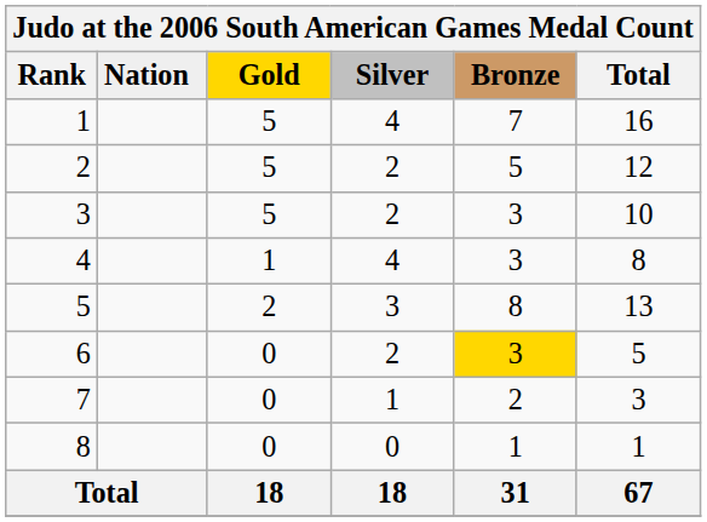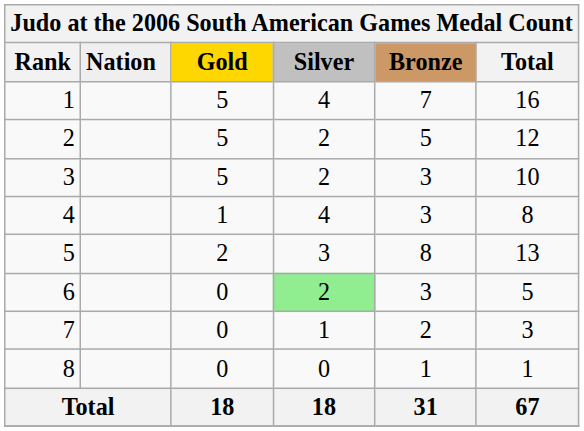 <table class="wikitable" border="2" style="text-align:center">
 <tr>
 <th colspan=6>Judo at the 2006 South American Games Medal Count</th>
 </tr>
 <tr bgcolor="#efefef">
 <th>Rank</th>
 <td align=left><strong>Nation</strong></td>
 <td bgcolor="gold" align=center width=60><strong>Gold</strong></td>
 <td bgcolor="silver" align=center width=60><strong>Silver</strong></td>
 <td bgcolor="CC9966" align=center width=60><strong>Bronze</strong></td>
 <th width=60>Total</th>
 </tr>
 <tr>
 <td align=right>1</td>
 <td align=left></td>
 <td>5</td>
 <td>4</td>
 <td>7</td>
 <td>16</td>
 </tr>
 <tr>
 <td align=right>2</td>
 <td align=left></td>
 <td>5</td>
 <td>2</td>
 <td>5</td>
 <td>12</td>
 </tr>
 <tr>
 <td align=right>3</td>
 <td align=left></td>
 <td>5</td>
 <td>2</td>
 <td>3</td>
 <td>10</td>
 </tr>
 <tr>
 <td align=right>4</td>
 <td align=left></td>
 <td>1</td>
 <td>4</td>
 <td>3</td>
 <td>8</td>
 </tr>
 <tr>
 <td align=right>5</td>
 <td align=left></td>
 <td>2</td>
 <td>3</td>
 <td>8</td>
 <td>13</td>
 </tr>
 <tr>
 <td align=right>6</td>
 <td align=left></td>
 <td>0</td>
-<td>2</td>
-<td style="background: gold;">3</td>
+<td style="background: lightgreen;">2</td>
+<td>3</td>
 <td>5</td>
 </tr>
 <tr>
 <td align=right>7</td>
 <td align=left></td>
 <td>0</td>
 <td>1</td>
 <td>2</td>
 <td>3</td>
 </tr>
 <tr>
 <td align=right>8</td>
 <td align=left></td>
 <td>0</td>
 <td>0</td>
 <td>1</td>
 <td>1</td>
 </tr>
 <tr>
 <th colspan="2">Total</th>
 <th>18</th>
 <th>18</th>
 <th>31</th>
 <th>67</th>
 </tr>
 <tr>
 </tr>
 </table>
